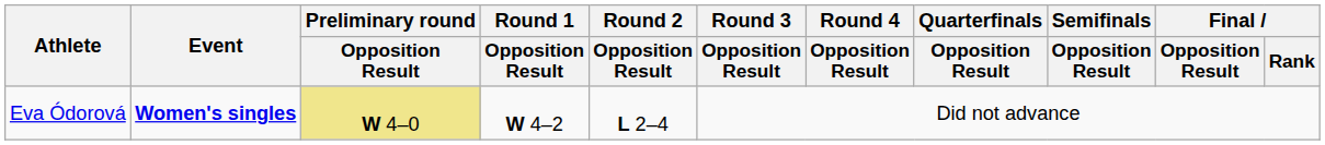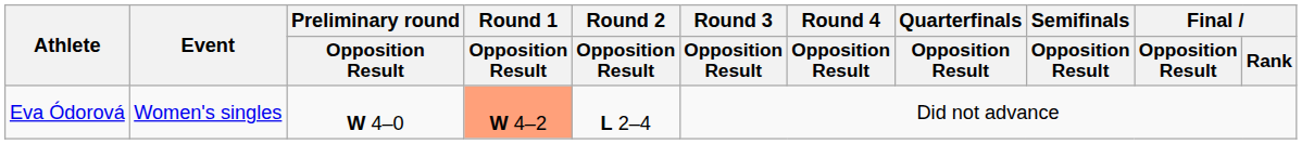 <table class="wikitable" style="font-size:90%">
 <tr>
 <th rowspan="2">Athlete</th>
 <th rowspan="2">Event</th>
 <th>Preliminary round</th>
 <th>Round 1</th>
 <th>Round 2</th>
 <th>Round 3</th>
 <th>Round 4</th>
 <th>Quarterfinals</th>
 <th>Semifinals</th>
 <th colspan=2>Final / </th>
 </tr>
 <tr style="font-size:95%">
 <th>Opposition<br>Result</th>
 <th>Opposition<br>Result</th>
 <th>Opposition<br>Result</th>
 <th>Opposition<br>Result</th>
 <th>Opposition<br>Result</th>
 <th>Opposition<br>Result</th>
 <th>Opposition<br>Result</th>
 <th>Opposition<br>Result</th>
 <th>Rank</th>
 </tr>
 <tr align=center>
 <td align=left><a href='#'>Eva Ódorová</a></td>
-<td align=left><strong><a href='#'>Women's singles</a></strong></td>
-<td style="background: khaki;"><br><strong>W</strong> 4–0</td>
-<td><br><strong>W</strong> 4–2</td>
+<td align=left><a href='#'>Women's singles</a></td>
+<td><br><strong>W</strong> 4–0</td>
+<td style="background: lightsalmon;"><br><strong>W</strong> 4–2</td>
 <td><br><strong>L</strong> 2–4</td>
 <td colspan=6>Did not advance</td>
 </tr>
 </table>
